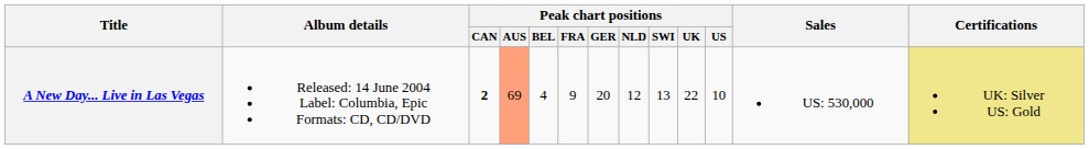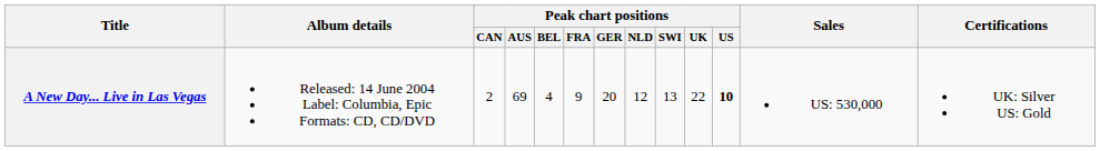 <table class="wikitable plainrowheaders" style="text-align:center;">
 <tr>
 <th rowspan="2" style="width:15em;">Title</th>
 <th rowspan="2" style="width:17em;">Album details</th>
 <th colspan="9">Peak chart positions</th>
 <th rowspan="2" style="width:12em;">Sales</th>
 <th rowspan="2" style="width:12em;">Certifications</th>
 </tr>
 <tr style="font-size:smaller;">
 <th style="width:25px;">CAN<br></th>
 <th style="width:25px;">AUS<br></th>
 <th style="width:25px;">BEL<br></th>
 <th style="width:25px;">FRA<br></th>
 <th style="width:25px;">GER<br></th>
 <th style="width:25px;">NLD<br></th>
 <th style="width:25px;">SWI<br></th>
 <th style="width:25px;">UK<br></th>
 <th style="width:25px;">US<br></th>
 </tr>
 <tr>
 <th scope="row"><em><a href='#'>A New Day... Live in Las Vegas</a></em></th>
 <td><br><ul><li>Released: 14 June 2004</li><li>Label: Columbia, Epic</li><li>Formats: CD, CD/DVD</li></ul></td>
-<td><strong>2</strong></td>
-<td style="background: lightsalmon;">69</td>
+<td>2</td>
+<td>69</td>
 <td>4</td>
 <td>9</td>
 <td>20</td>
 <td>12</td>
 <td>13</td>
 <td>22</td>
-<td>10</td>
+<td><strong>10</strong></td>
 <td><br><ul><li>US: 530,000</li></ul></td>
-<td style="background: khaki;"><br><ul><li>UK: Silver</li><li>US: Gold</li></ul></td>
+<td><br><ul><li>UK: Silver</li><li>US: Gold</li></ul></td>
 </tr>
 </table>
